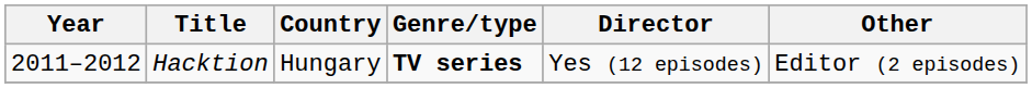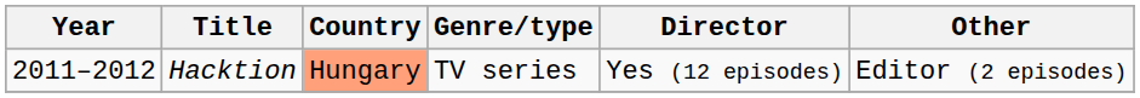 <table class="wikitable sortable">
 <tr>
 <th>Year</th>
 <th>Title</th>
 <th>Country</th>
 <th>Genre/type</th>
 <th>Director</th>
 <th>Other</th>
 </tr>
 <tr>
 <td>2011–2012</td>
 <td><em>Hacktion</em></td>
-<td>Hungary</td>
-<td><strong>TV series</strong></td>
+<td style="background: lightsalmon;">Hungary</td>
+<td>TV series</td>
 <td>Yes <small>(12 episodes)</small></td>
 <td>Editor <small>(2 episodes)</small></td>
 </tr>
 <tr>
 </tr>
 </table>
